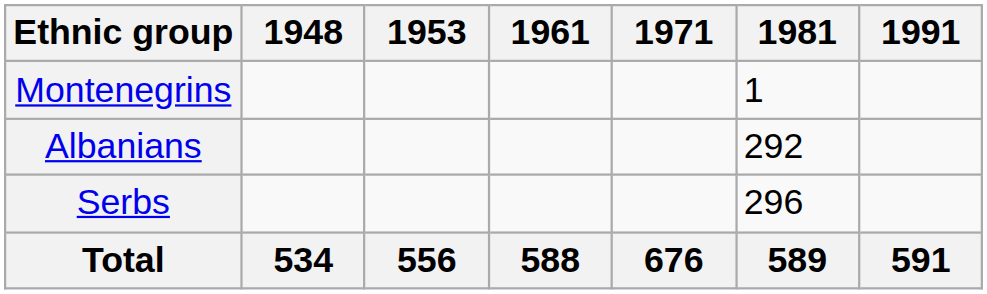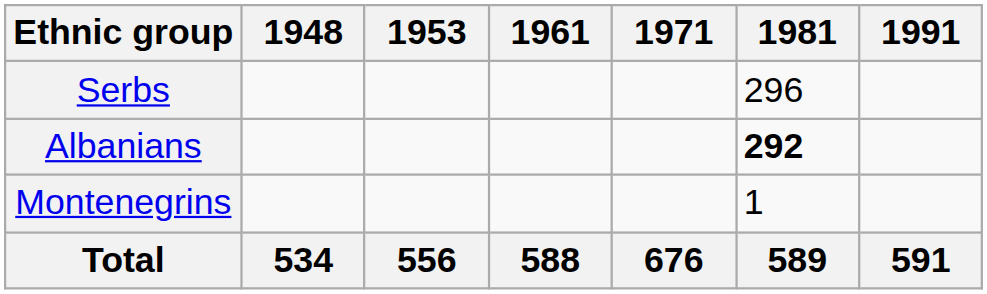 <table class="wikitable" border="1">
 <tr>
 <th>Ethnic group</th>
 <th style=width:3em>1948</th>
 <th style=width:3em>1953</th>
 <th style=width:3em>1961</th>
 <th style=width:3em>1971</th>
 <th style=width:3em>1981</th>
 <th style=width:3em>1991</th>
 </tr>
 <tr>
-<th style=font-weight:300><a href='#'>Montenegrins</a></th>
+<th style=font-weight:300><a href='#'>Serbs</a></th>
 <td></td>
 <td></td>
 <td></td>
 <td></td>
-<td>1</td>
+<td>296</td>
 <td></td>
 </tr>
 <tr>
 <th style=font-weight:300><a href='#'>Albanians</a></th>
 <td></td>
 <td></td>
 <td></td>
 <td></td>
-<td>292</td>
+<td><strong>292</strong></td>
 <td></td>
 </tr>
 <tr>
-<th style=font-weight:300><a href='#'>Serbs</a></th>
+<th style=font-weight:300><a href='#'>Montenegrins</a></th>
 <td></td>
 <td></td>
 <td></td>
 <td></td>
-<td>296</td>
+<td>1</td>
 <td></td>
 </tr>
 <tr>
 <th>Total</th>
 <th>534</th>
 <th>556</th>
 <th>588</th>
 <th>676</th>
 <th>589</th>
 <th>591</th>
 </tr>
 </table>
